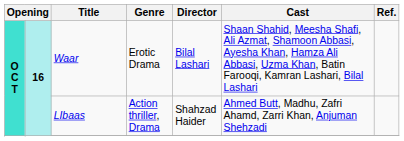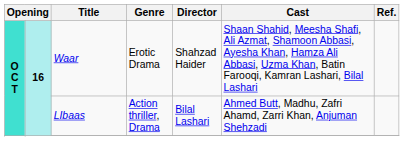 <table class="wikitable">
 <tr style="background:#b0e0e66; text-align:center;">
 <th colspan="2"><strong>Opening</strong></th>
 <th style="width:19%;"><strong>Title</strong></th>
 <th><strong>Genre</strong></th>
 <th><strong>Director</strong></th>
 <th><strong>Cast</strong></th>
 <th><strong>Ref.</strong></th>
 </tr>
 <tr>
 <td rowspan="3" style="text-align:center; background:#40e0d0;"><strong>O<br>C<br>T</strong></td>
 <td rowspan="3" style="text-align:center; textcolor:#000; background:#afeeee;"><strong>16</strong></td>
 <td><em><a href='#'>Waar</a> </em></td>
 <td>Erotic Drama</td>
-<td><a href='#'>Bilal Lashari</a></td>
+<td>Shahzad<br>Haider</td>
 <td><a href='#'>Shaan Shahid</a>, <a href='#'>Meesha Shafi</a>, <a href='#'>Ali Azmat</a>, <a href='#'>Shamoon Abbasi</a>, <a href='#'>Ayesha Khan</a>, <a href='#'>Hamza Ali Abbasi</a>, <a href='#'>Uzma Khan</a>, Batin Farooqi, Kamran Lashari, <a href='#'>Bilal Lashari</a></td>
 <td></td>
 </tr>
 <tr>
 <td><em><a href='#'>LIbaas</a></em></td>
 <td><a href='#'>Action thriller</a>, <a href='#'>Drama</a></td>
-<td>Shahzad<br>Haider</td>
+<td><a href='#'>Bilal Lashari</a></td>
 <td><a href='#'>Ahmed Butt</a>, Madhu, Zafri Ahamd, Zarri Khan, <a href='#'>Anjuman Shehzadi</a></td>
 <td></td>
 </tr>
 <tr>
 </tr>
 </table>
